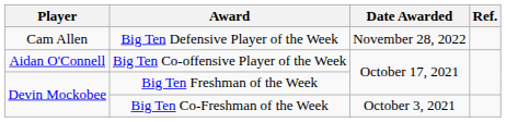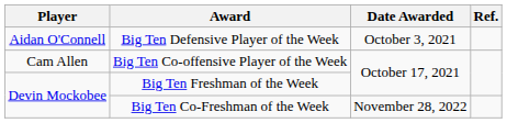 <table class="wikitable sortable sortable" style="text-align: center">
 <tr>
 <th>Player</th>
 <th>Award</th>
 <th>Date Awarded</th>
 <th>Ref.</th>
 </tr>
 <tr>
-<td>Cam Allen</td>
+<td><a href='#'>Aidan O'Connell</a></td>
 <td><a href='#'>Big Ten</a> Defensive Player of the Week</td>
-<td>November 28, 2022</td>
+<td>October 3, 2021</td>
 <td></td>
 </tr>
 <tr>
-<td><a href='#'>Aidan O'Connell</a></td>
+<td>Cam Allen</td>
 <td><a href='#'>Big Ten</a> Co-offensive Player of the Week</td>
 <td rowspan=2>October 17, 2021</td>
 <td rowspan=2></td>
 </tr>
 <tr>
 <td rowspan=2><a href='#'>Devin Mockobee</a></td>
 <td><a href='#'>Big Ten</a> Freshman of the Week</td>
 </tr>
 <tr>
 <td><a href='#'>Big Ten</a> Co-Freshman of the Week</td>
-<td>October 3, 2021</td>
+<td>November 28, 2022</td>
 <td></td>
 </tr>
 </table>
